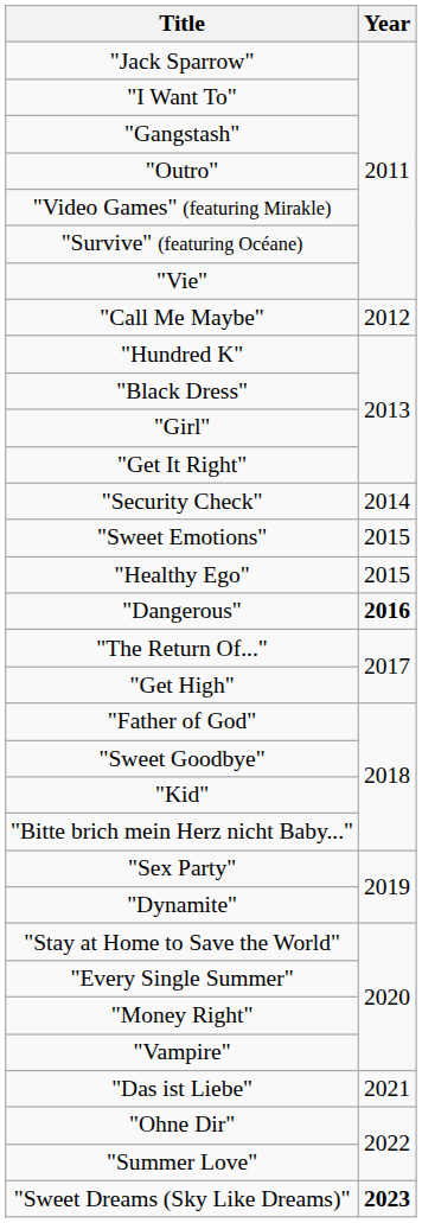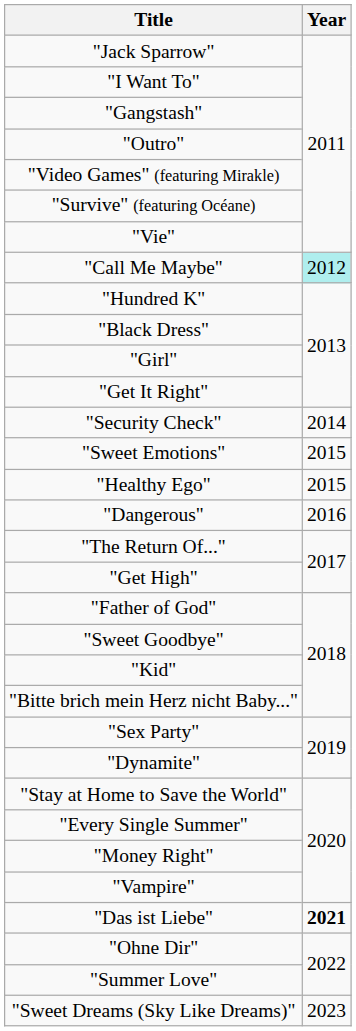 <table class="wikitable plainrowheaders" style="text-align:center;">
 <tr>
 <th scope="col">Title</th>
 <th scope="col">Year</th>
 </tr>
 <tr>
 <td scope="row">"Jack Sparrow"</td>
 <td rowspan="7">2011</td>
 </tr>
 <tr>
 <td scope="row">"I Want To"</td>
 </tr>
 <tr>
 <td scope="row">"Gangstash"</td>
 </tr>
 <tr>
 <td scope="row">"Outro"</td>
 </tr>
 <tr>
 <td scope="row">"Video Games" <small>(featuring Mirakle)</small></td>
 </tr>
 <tr>
 <td scope="row">"Survive" <small>(featuring Océane)</small></td>
 </tr>
 <tr>
 <td scope="row">"Vie"</td>
 </tr>
 <tr>
 <td scope="row">"Call Me Maybe"</td>
-<td>2012</td>
+<td style="background: paleturquoise;">2012</td>
 </tr>
 <tr>
 <td scope="row">"Hundred K"</td>
 <td rowspan="4">2013</td>
 </tr>
 <tr>
 <td scope="row">"Black Dress"</td>
 </tr>
 <tr>
 <td scope="row">"Girl"</td>
 </tr>
 <tr>
 <td scope="row">"Get It Right"</td>
 </tr>
 <tr>
 <td scope="row">"Security Check"</td>
 <td>2014</td>
 </tr>
 <tr>
 <td scope="row">"Sweet Emotions"</td>
 <td>2015</td>
 </tr>
 <tr>
 <td scope="row">"Healthy Ego"</td>
 <td>2015</td>
 </tr>
 <tr>
 <td scope="row">"Dangerous"</td>
-<td><strong>2016</strong></td>
+<td>2016</td>
 </tr>
 <tr>
 <td scope="row">"The Return Of..."</td>
 <td rowspan="2">2017</td>
 </tr>
 <tr>
 <td scope="row">"Get High"</td>
 </tr>
 <tr>
 <td scope="row">"Father of God"</td>
 <td rowspan="4">2018</td>
 </tr>
 <tr>
 <td scope="row">"Sweet Goodbye"</td>
 </tr>
 <tr>
 <td scope="row">"Kid"</td>
 </tr>
 <tr>
 <td scope="row">"Bitte brich mein Herz nicht Baby..."</td>
 </tr>
 <tr>
 <td scope="row">"Sex Party"</td>
 <td rowspan="2">2019</td>
 </tr>
 <tr>
 <td scope="row">"Dynamite"</td>
 </tr>
 <tr>
 <td scope="row">"Stay at Home to Save the World"</td>
 <td rowspan="4">2020</td>
 </tr>
 <tr>
 <td scope="row">"Every Single Summer"</td>
 </tr>
 <tr>
 <td scope="row">"Money Right"</td>
 </tr>
 <tr>
 <td scope="row">"Vampire"</td>
 </tr>
 <tr>
 <td scope="row">"Das ist Liebe"</td>
-<td rowspan="1">2021</td>
+<td rowspan="1"><strong>2021</strong></td>
 </tr>
 <tr>
 <td scope="row">"Ohne Dir"</td>
 <td rowspan="2">2022</td>
 </tr>
 <tr>
 <td scope="row">"Summer Love"</td>
 </tr>
 <tr>
 <td scope="row">"Sweet Dreams (Sky Like Dreams)"</td>
-<td rowspan="1"><strong>2023</strong></td>
+<td rowspan="1">2023</td>
 </tr>
 </table>
